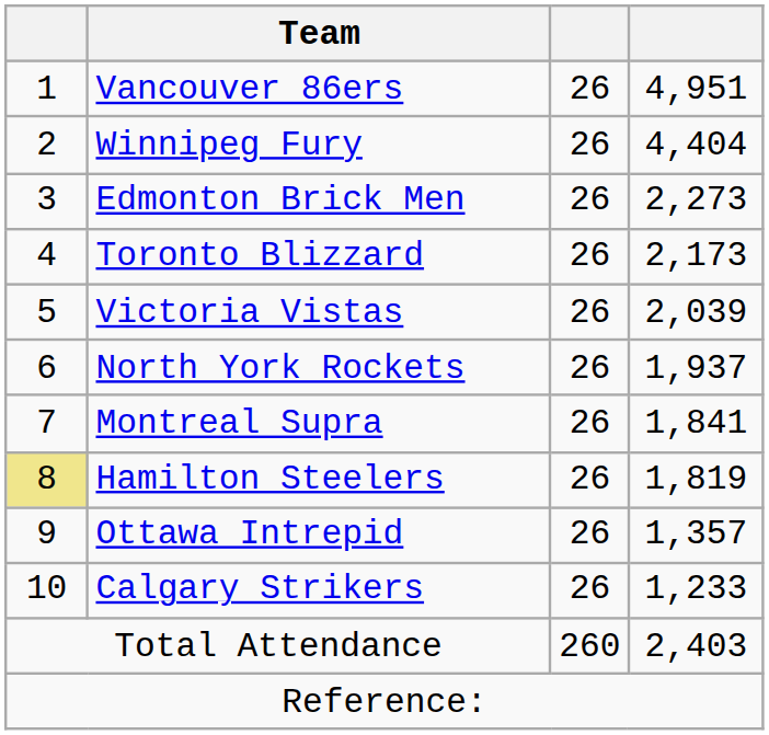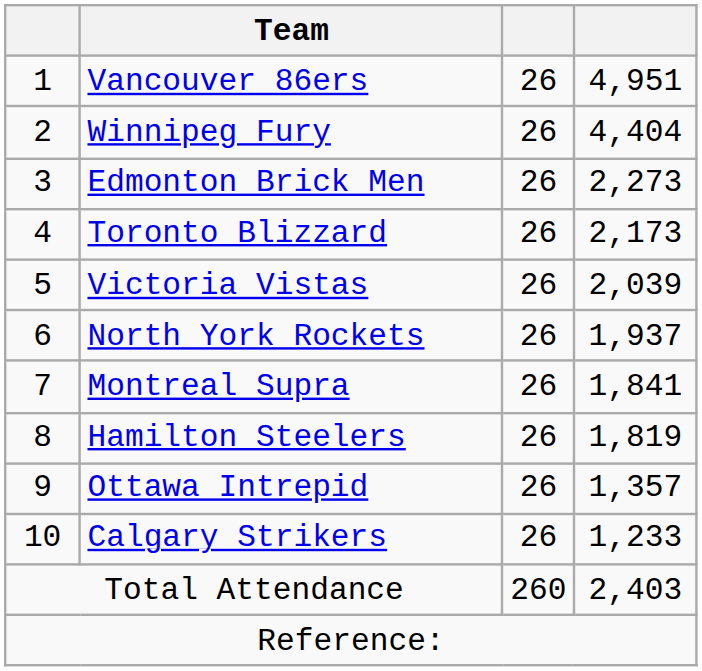 <table class="wikitable">
 <tr>
 <th width="25"></th>
 <th width="170">Team</th>
 <th></th>
 <th width="45"></th>
 </tr>
 <tr>
 <td align="center">1</td>
 <td><a href='#'>Vancouver 86ers</a></td>
 <td align="center">26</td>
 <td align="center">4,951</td>
 </tr>
 <tr>
 <td align="center">2</td>
 <td><a href='#'>Winnipeg Fury</a></td>
 <td align="center">26</td>
 <td align="center">4,404</td>
 </tr>
 <tr>
 <td align="center">3</td>
 <td><a href='#'>Edmonton Brick Men</a></td>
 <td align="center">26</td>
 <td align="center">2,273</td>
 </tr>
 <tr>
 <td align="center">4</td>
 <td><a href='#'>Toronto Blizzard</a></td>
 <td align="center">26</td>
 <td align="center">2,173</td>
 </tr>
 <tr>
 <td align="center">5</td>
 <td><a href='#'>Victoria Vistas</a></td>
 <td align="center">26</td>
 <td align="center">2,039</td>
 </tr>
 <tr>
 <td align="center">6</td>
 <td><a href='#'>North York Rockets</a></td>
 <td align="center">26</td>
 <td align="center">1,937</td>
 </tr>
 <tr>
 <td align="center">7</td>
 <td><a href='#'>Montreal Supra</a></td>
 <td align="center">26</td>
 <td align="center">1,841</td>
 </tr>
 <tr>
-<td align="center" style="background: khaki;">8</td>
+<td align="center">8</td>
 <td><a href='#'>Hamilton Steelers</a></td>
 <td align="center">26</td>
 <td align="center">1,819</td>
 </tr>
 <tr>
 <td align="center">9</td>
 <td><a href='#'>Ottawa Intrepid</a></td>
 <td align="center">26</td>
 <td align="center">1,357</td>
 </tr>
 <tr>
 <td align="center">10</td>
 <td><a href='#'>Calgary Strikers</a></td>
 <td align="center">26</td>
 <td align="center">1,233</td>
 </tr>
 <tr>
 <td colspan="2" align="center">Total Attendance</td>
 <td align="center">260</td>
 <td align="center">2,403</td>
 </tr>
 <tr>
 <td colspan="4" align="center">Reference:</td>
 </tr>
 </table>
